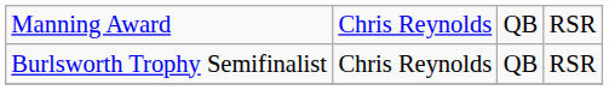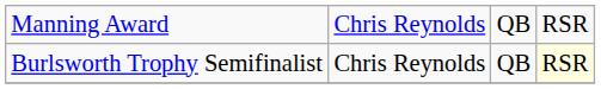 <table class="wikitable">
 <tr>
 <td><a href='#'>Manning Award</a></td>
 <td><a href='#'>Chris Reynolds</a></td>
 <td>QB</td>
 <td>RSR</td>
 </tr>
 <tr>
 <td><a href='#'>Burlsworth Trophy</a> Semifinalist</td>
 <td>Chris Reynolds</td>
 <td>QB</td>
-<td>RSR</td>
+<td style="background: lightyellow;">RSR</td>
 </tr>
 <tr>
 </tr>
 </table>
